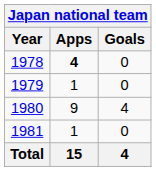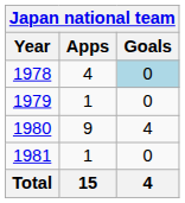 <table class="wikitable" style="text-align:center">
 <tr>
 <th colspan=3><a href='#'>Japan national team</a></th>
 </tr>
 <tr>
 <th>Year</th>
 <th>Apps</th>
 <th>Goals</th>
 </tr>
 <tr>
 <td><a href='#'>1978</a></td>
-<td><strong>4</strong></td>
-<td>0</td>
+<td>4</td>
+<td style="background: lightblue;">0</td>
 </tr>
 <tr>
 <td><a href='#'>1979</a></td>
 <td>1</td>
 <td>0</td>
 </tr>
 <tr>
 <td><a href='#'>1980</a></td>
 <td>9</td>
 <td>4</td>
 </tr>
 <tr>
 <td><a href='#'>1981</a></td>
 <td>1</td>
 <td>0</td>
 </tr>
 <tr>
 <th>Total</th>
 <th>15</th>
 <th>4</th>
 </tr>
 </table>
